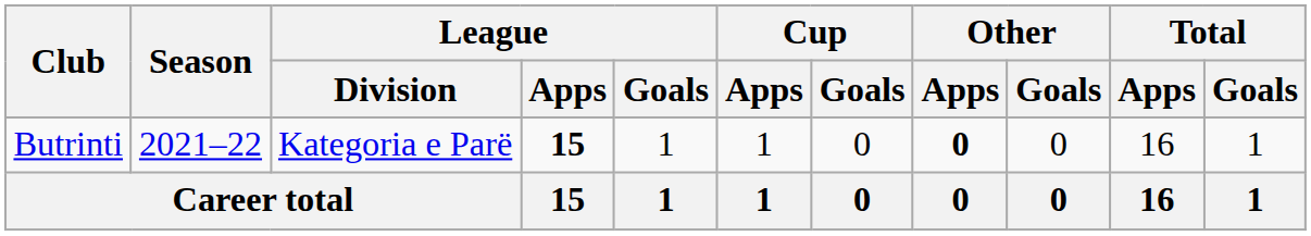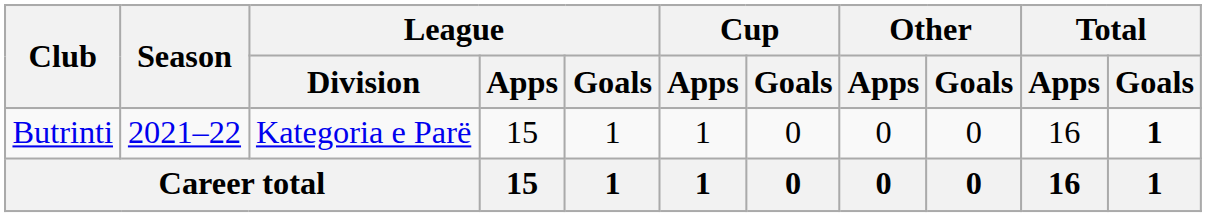 <table class=wikitable style=text-align:center>
 <tr>
 <th rowspan=2>Club</th>
 <th rowspan=2>Season</th>
 <th colspan=3>League</th>
 <th colspan=2>Cup</th>
 <th colspan=2>Other</th>
 <th colspan=2>Total</th>
 </tr>
 <tr>
 <th>Division</th>
 <th>Apps</th>
 <th>Goals</th>
 <th>Apps</th>
 <th>Goals</th>
 <th>Apps</th>
 <th>Goals</th>
 <th>Apps</th>
 <th>Goals</th>
 </tr>
 <tr>
 <td><a href='#'>Butrinti</a></td>
 <td><a href='#'>2021–22</a></td>
 <td><a href='#'>Kategoria e Parë</a></td>
-<td><strong>15</strong></td>
+<td>15</td>
 <td>1</td>
 <td>1</td>
 <td>0</td>
-<td><strong>0</strong></td>
+<td>0</td>
 <td>0</td>
 <td>16</td>
-<td>1</td>
+<td><strong>1</strong></td>
 </tr>
 <tr>
 <th colspan=3>Career total</th>
 <th>15</th>
 <th>1</th>
 <th>1</th>
 <th>0</th>
 <th>0</th>
 <th>0</th>
 <th>16</th>
 <th>1</th>
 </tr>
 </table>
